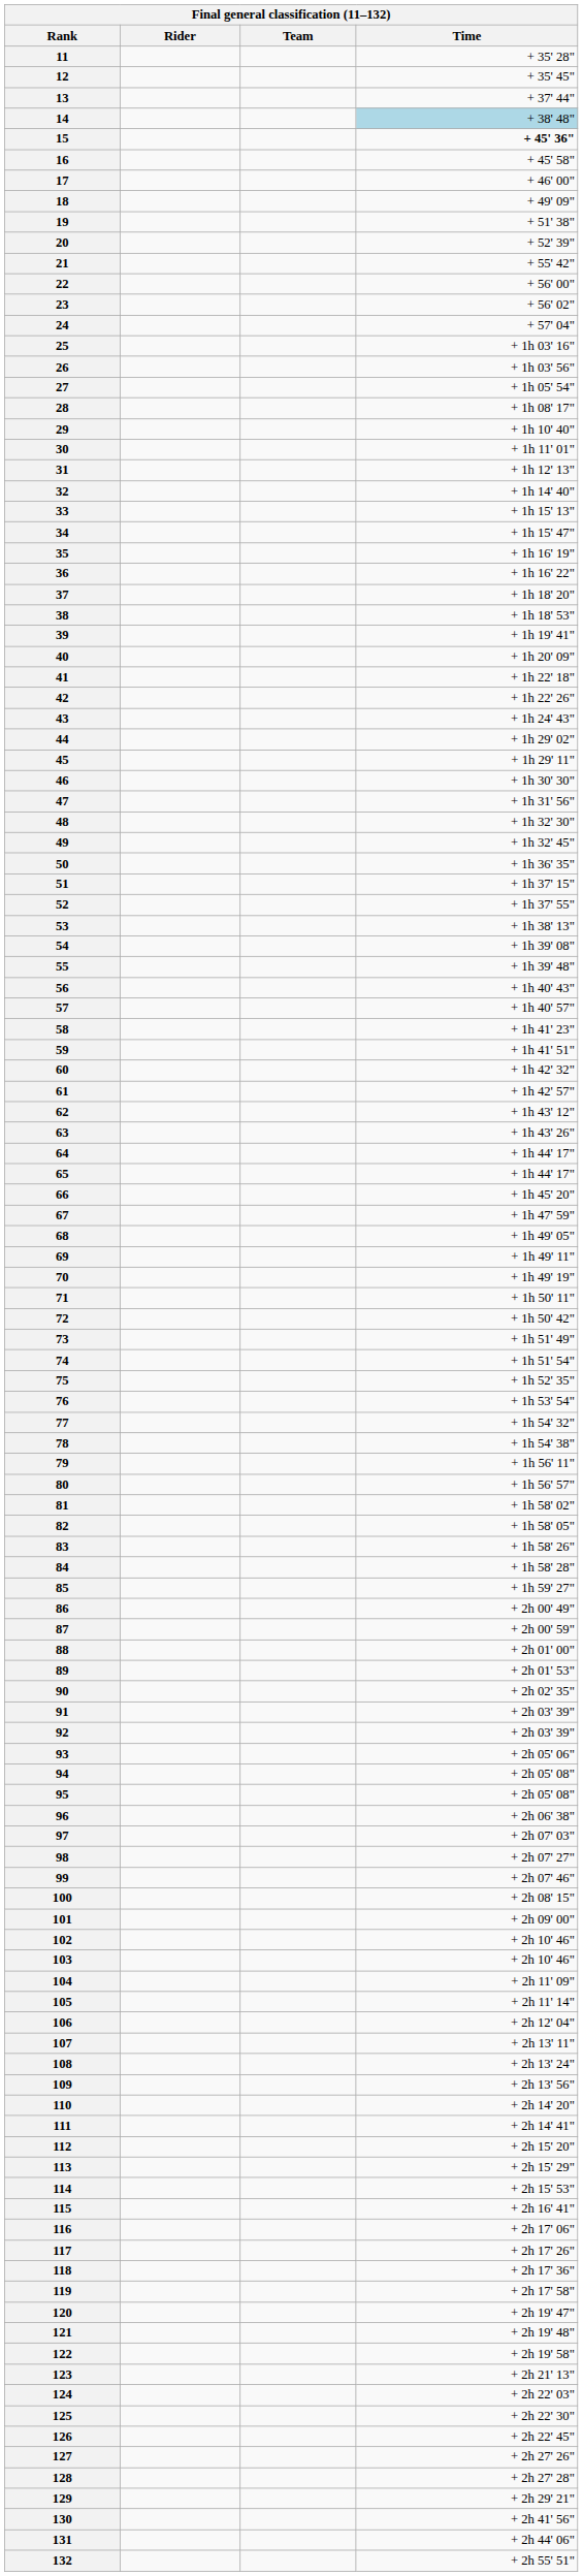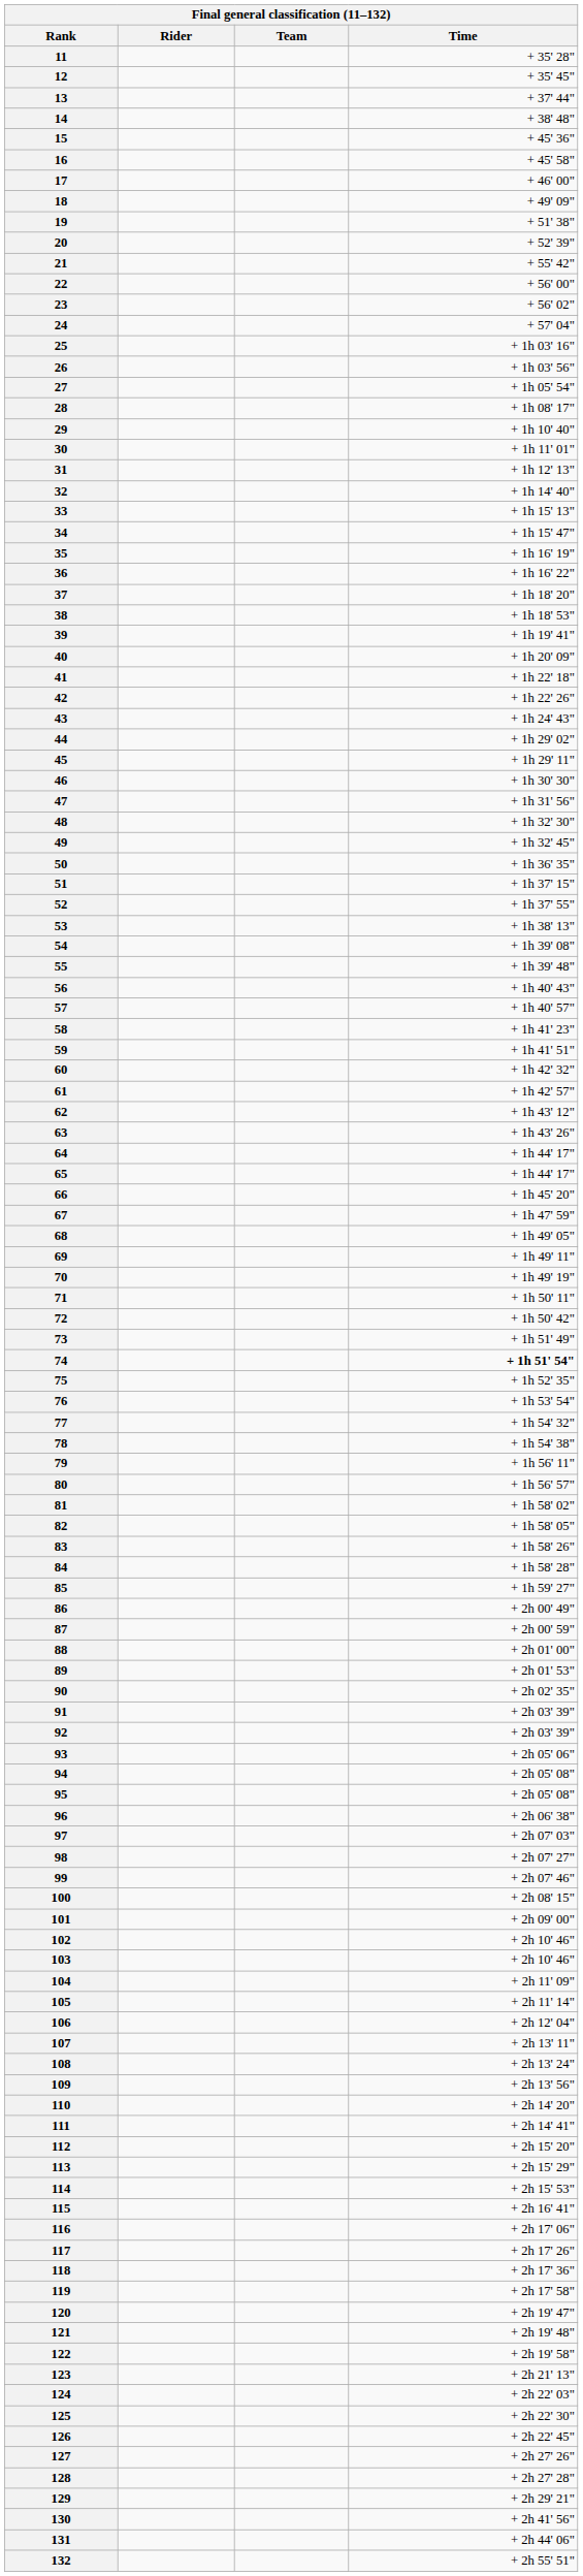 <table class="collapsible collapsed wikitable" style="width:44em;margin-top:-1px;">
 <tr>
 <th scope="col" colspan="4">Final general classification (11–132)</th>
 </tr>
 <tr>
 <th scope="col">Rank</th>
 <th scope="col">Rider</th>
 <th scope="col">Team</th>
 <th scope="col">Time</th>
 </tr>
 <tr |->
 <th scope="row">11</th>
 <td></td>
 <td></td>
 <td style="text-align:right;">+ 35' 28"</td>
 </tr>
 <tr>
 <th scope="row">12</th>
 <td></td>
 <td></td>
 <td style="text-align:right;">+ 35' 45"</td>
 </tr>
 <tr>
 <th scope="row">13</th>
 <td></td>
 <td></td>
 <td style="text-align:right;">+ 37' 44"</td>
 </tr>
 <tr>
 <th scope="row">14</th>
 <td></td>
 <td></td>
-<td style="background: lightblue; text-align:right;">+ 38' 48"</td>
+<td style="text-align:right;">+ 38' 48"</td>
 </tr>
 <tr>
 <th scope="row">15</th>
 <td></td>
 <td></td>
-<td style="text-align:right;"><strong>+ 45' 36"</strong></td>
+<td style="text-align:right;">+ 45' 36"</td>
 </tr>
 <tr>
 <th scope="row">16</th>
 <td></td>
 <td></td>
 <td style="text-align:right;">+ 45' 58"</td>
 </tr>
 <tr>
 <th scope="row">17</th>
 <td></td>
 <td></td>
 <td style="text-align:right;">+ 46' 00"</td>
 </tr>
 <tr>
 <th scope="row">18</th>
 <td></td>
 <td></td>
 <td style="text-align:right;">+ 49' 09"</td>
 </tr>
 <tr>
 <th scope="row">19</th>
 <td></td>
 <td></td>
 <td style="text-align:right;">+ 51' 38"</td>
 </tr>
 <tr>
 <th scope="row">20</th>
 <td></td>
 <td></td>
 <td style="text-align:right;">+ 52' 39"</td>
 </tr>
 <tr>
 <th scope="row">21</th>
 <td></td>
 <td></td>
 <td style="text-align:right;">+ 55' 42"</td>
 </tr>
 <tr>
 <th scope="row">22</th>
 <td></td>
 <td></td>
 <td style="text-align:right;">+ 56' 00"</td>
 </tr>
 <tr>
 <th scope="row">23</th>
 <td></td>
 <td></td>
 <td style="text-align:right;">+ 56' 02"</td>
 </tr>
 <tr>
 <th scope="row">24</th>
 <td></td>
 <td></td>
 <td style="text-align:right;">+ 57' 04"</td>
 </tr>
 <tr>
 <th scope="row">25</th>
 <td></td>
 <td></td>
 <td style="text-align:right;">+ 1h 03' 16"</td>
 </tr>
 <tr>
 <th scope="row">26</th>
 <td></td>
 <td></td>
 <td style="text-align:right;">+ 1h 03' 56"</td>
 </tr>
 <tr>
 <th scope="row">27</th>
 <td></td>
 <td></td>
 <td style="text-align:right;">+ 1h 05' 54"</td>
 </tr>
 <tr>
 <th scope="row">28</th>
 <td></td>
 <td></td>
 <td style="text-align:right;">+ 1h 08' 17"</td>
 </tr>
 <tr>
 <th scope="row">29</th>
 <td></td>
 <td></td>
 <td style="text-align:right;">+ 1h 10' 40"</td>
 </tr>
 <tr>
 <th scope="row">30</th>
 <td></td>
 <td></td>
 <td style="text-align:right;">+ 1h 11' 01"</td>
 </tr>
 <tr>
 <th scope="row">31</th>
 <td></td>
 <td></td>
 <td style="text-align:right;">+ 1h 12' 13"</td>
 </tr>
 <tr>
 <th scope="row">32</th>
 <td></td>
 <td></td>
 <td style="text-align:right;">+ 1h 14' 40"</td>
 </tr>
 <tr>
 <th scope="row">33</th>
 <td></td>
 <td></td>
 <td style="text-align:right;">+ 1h 15' 13"</td>
 </tr>
 <tr>
 <th scope="row">34</th>
 <td></td>
 <td></td>
 <td style="text-align:right;">+ 1h 15' 47"</td>
 </tr>
 <tr>
 <th scope="row">35</th>
 <td></td>
 <td></td>
 <td style="text-align:right;">+ 1h 16' 19"</td>
 </tr>
 <tr>
 <th scope="row">36</th>
 <td></td>
 <td></td>
 <td style="text-align:right;">+ 1h 16' 22"</td>
 </tr>
 <tr>
 <th scope="row">37</th>
 <td></td>
 <td></td>
 <td style="text-align:right;">+ 1h 18' 20"</td>
 </tr>
 <tr>
 <th scope="row">38</th>
 <td></td>
 <td></td>
 <td style="text-align:right;">+ 1h 18' 53"</td>
 </tr>
 <tr>
 <th scope="row">39</th>
 <td></td>
 <td></td>
 <td style="text-align:right;">+ 1h 19' 41"</td>
 </tr>
 <tr>
 <th scope="row">40</th>
 <td></td>
 <td></td>
 <td style="text-align:right;">+ 1h 20' 09"</td>
 </tr>
 <tr>
 <th scope="row">41</th>
 <td></td>
 <td></td>
 <td style="text-align:right;">+ 1h 22' 18"</td>
 </tr>
 <tr>
 <th scope="row">42</th>
 <td></td>
 <td></td>
 <td style="text-align:right;">+ 1h 22' 26"</td>
 </tr>
 <tr>
 <th scope="row">43</th>
 <td></td>
 <td></td>
 <td style="text-align:right;">+ 1h 24' 43"</td>
 </tr>
 <tr>
 <th scope="row">44</th>
 <td></td>
 <td></td>
 <td style="text-align:right;">+ 1h 29' 02"</td>
 </tr>
 <tr>
 <th scope="row">45</th>
 <td></td>
 <td></td>
 <td style="text-align:right;">+ 1h 29' 11"</td>
 </tr>
 <tr>
 <th scope="row">46</th>
 <td></td>
 <td></td>
 <td style="text-align:right;">+ 1h 30' 30"</td>
 </tr>
 <tr>
 <th scope="row">47</th>
 <td></td>
 <td></td>
 <td style="text-align:right;">+ 1h 31' 56"</td>
 </tr>
 <tr>
 <th scope="row">48</th>
 <td></td>
 <td></td>
 <td style="text-align:right;">+ 1h 32' 30"</td>
 </tr>
 <tr>
 <th scope="row">49</th>
 <td></td>
 <td></td>
 <td style="text-align:right;">+ 1h 32' 45"</td>
 </tr>
 <tr>
 <th scope="row">50</th>
 <td></td>
 <td></td>
 <td style="text-align:right;">+ 1h 36' 35"</td>
 </tr>
 <tr>
 <th scope="row">51</th>
 <td></td>
 <td></td>
 <td style="text-align:right;">+ 1h 37' 15"</td>
 </tr>
 <tr>
 <th scope="row">52</th>
 <td></td>
 <td></td>
 <td style="text-align:right;">+ 1h 37' 55"</td>
 </tr>
 <tr>
 <th scope="row">53</th>
 <td></td>
 <td></td>
 <td style="text-align:right;">+ 1h 38' 13"</td>
 </tr>
 <tr>
 <th scope="row">54</th>
 <td></td>
 <td></td>
 <td style="text-align:right;">+ 1h 39' 08"</td>
 </tr>
 <tr>
 <th scope="row">55</th>
 <td></td>
 <td></td>
 <td style="text-align:right;">+ 1h 39' 48"</td>
 </tr>
 <tr>
 <th scope="row">56</th>
 <td></td>
 <td></td>
 <td style="text-align:right;">+ 1h 40' 43"</td>
 </tr>
 <tr>
 <th scope="row">57</th>
 <td></td>
 <td></td>
 <td style="text-align:right;">+ 1h 40' 57"</td>
 </tr>
 <tr>
 <th scope="row">58</th>
 <td></td>
 <td></td>
 <td style="text-align:right;">+ 1h 41' 23"</td>
 </tr>
 <tr>
 <th scope="row">59</th>
 <td></td>
 <td></td>
 <td style="text-align:right;">+ 1h 41' 51"</td>
 </tr>
 <tr>
 <th scope="row">60</th>
 <td></td>
 <td></td>
 <td style="text-align:right;">+ 1h 42' 32"</td>
 </tr>
 <tr>
 <th scope="row">61</th>
 <td></td>
 <td></td>
 <td style="text-align:right;">+ 1h 42' 57"</td>
 </tr>
 <tr>
 <th scope="row">62</th>
 <td></td>
 <td></td>
 <td style="text-align:right;">+ 1h 43' 12"</td>
 </tr>
 <tr>
 <th scope="row">63</th>
 <td></td>
 <td></td>
 <td style="text-align:right;">+ 1h 43' 26"</td>
 </tr>
 <tr>
 <th scope="row">64</th>
 <td></td>
 <td></td>
 <td style="text-align:right;">+ 1h 44' 17"</td>
 </tr>
 <tr>
 <th scope="row">65</th>
 <td></td>
 <td></td>
 <td style="text-align:right;">+ 1h 44' 17"</td>
 </tr>
 <tr>
 <th scope="row">66</th>
 <td></td>
 <td></td>
 <td style="text-align:right;">+ 1h 45' 20"</td>
 </tr>
 <tr>
 <th scope="row">67</th>
 <td></td>
 <td></td>
 <td style="text-align:right;">+ 1h 47' 59"</td>
 </tr>
 <tr>
 <th scope="row">68</th>
 <td></td>
 <td></td>
 <td style="text-align:right;">+ 1h 49' 05"</td>
 </tr>
 <tr>
 <th scope="row">69</th>
 <td></td>
 <td></td>
 <td style="text-align:right;">+ 1h 49' 11"</td>
 </tr>
 <tr>
 <th scope="row">70</th>
 <td></td>
 <td></td>
 <td style="text-align:right;">+ 1h 49' 19"</td>
 </tr>
 <tr>
 <th scope="row">71</th>
 <td></td>
 <td></td>
 <td style="text-align:right;">+ 1h 50' 11"</td>
 </tr>
 <tr>
 <th scope="row">72</th>
 <td></td>
 <td></td>
 <td style="text-align:right;">+ 1h 50' 42"</td>
 </tr>
 <tr>
 <th scope="row">73</th>
 <td></td>
 <td></td>
 <td style="text-align:right;">+ 1h 51' 49"</td>
 </tr>
 <tr>
 <th scope="row">74</th>
 <td></td>
 <td></td>
-<td style="text-align:right;">+ 1h 51' 54"</td>
+<td style="text-align:right;"><strong>+ 1h 51' 54"</strong></td>
 </tr>
 <tr>
 <th scope="row">75</th>
 <td></td>
 <td></td>
 <td style="text-align:right;">+ 1h 52' 35"</td>
 </tr>
 <tr>
 <th scope="row">76</th>
 <td></td>
 <td></td>
 <td style="text-align:right;">+ 1h 53' 54"</td>
 </tr>
 <tr>
 <th scope="row">77</th>
 <td></td>
 <td></td>
 <td style="text-align:right;">+ 1h 54' 32"</td>
 </tr>
 <tr>
 <th scope="row">78</th>
 <td></td>
 <td></td>
 <td style="text-align:right;">+ 1h 54' 38"</td>
 </tr>
 <tr>
 <th scope="row">79</th>
 <td></td>
 <td></td>
 <td style="text-align:right;">+ 1h 56' 11"</td>
 </tr>
 <tr>
 <th scope="row">80</th>
 <td></td>
 <td></td>
 <td style="text-align:right;">+ 1h 56' 57"</td>
 </tr>
 <tr>
 <th scope="row">81</th>
 <td></td>
 <td></td>
 <td style="text-align:right;">+ 1h 58' 02"</td>
 </tr>
 <tr>
 <th scope="row">82</th>
 <td></td>
 <td></td>
 <td style="text-align:right;">+ 1h 58' 05"</td>
 </tr>
 <tr>
 <th scope="row">83</th>
 <td></td>
 <td></td>
 <td style="text-align:right;">+ 1h 58' 26"</td>
 </tr>
 <tr>
 <th scope="row">84</th>
 <td></td>
 <td></td>
 <td style="text-align:right;">+ 1h 58' 28"</td>
 </tr>
 <tr>
 <th scope="row">85</th>
 <td></td>
 <td></td>
 <td style="text-align:right;">+ 1h 59' 27"</td>
 </tr>
 <tr>
 <th scope="row">86</th>
 <td></td>
 <td></td>
 <td style="text-align:right;">+ 2h 00' 49"</td>
 </tr>
 <tr>
 <th scope="row">87</th>
 <td></td>
 <td></td>
 <td style="text-align:right;">+ 2h 00' 59"</td>
 </tr>
 <tr>
 <th scope="row">88</th>
 <td></td>
 <td></td>
 <td style="text-align:right;">+ 2h 01' 00"</td>
 </tr>
 <tr>
 <th scope="row">89</th>
 <td></td>
 <td></td>
 <td style="text-align:right;">+ 2h 01' 53"</td>
 </tr>
 <tr>
 <th scope="row">90</th>
 <td></td>
 <td></td>
 <td style="text-align:right;">+ 2h 02' 35"</td>
 </tr>
 <tr>
 <th scope="row">91</th>
 <td></td>
 <td></td>
 <td style="text-align:right;">+ 2h 03' 39"</td>
 </tr>
 <tr>
 <th scope="row">92</th>
 <td></td>
 <td></td>
 <td style="text-align:right;">+ 2h 03' 39"</td>
 </tr>
 <tr>
 <th scope="row">93</th>
 <td></td>
 <td></td>
 <td style="text-align:right;">+ 2h 05' 06"</td>
 </tr>
 <tr>
 <th scope="row">94</th>
 <td></td>
 <td></td>
 <td style="text-align:right;">+ 2h 05' 08"</td>
 </tr>
 <tr>
 <th scope="row">95</th>
 <td></td>
 <td></td>
 <td style="text-align:right;">+ 2h 05' 08"</td>
 </tr>
 <tr>
 <th scope="row">96</th>
 <td></td>
 <td></td>
 <td style="text-align:right;">+ 2h 06' 38"</td>
 </tr>
 <tr>
 <th scope="row">97</th>
 <td></td>
 <td></td>
 <td style="text-align:right;">+ 2h 07' 03"</td>
 </tr>
 <tr>
 <th scope="row">98</th>
 <td></td>
 <td></td>
 <td style="text-align:right;">+ 2h 07' 27"</td>
 </tr>
 <tr>
 <th scope="row">99</th>
 <td></td>
 <td></td>
 <td style="text-align:right;">+ 2h 07' 46"</td>
 </tr>
 <tr>
 <th scope="row">100</th>
 <td></td>
 <td></td>
 <td style="text-align:right;">+ 2h 08' 15"</td>
 </tr>
 <tr>
 <th scope="row">101</th>
 <td> </td>
 <td></td>
 <td style="text-align:right;">+ 2h 09' 00"</td>
 </tr>
 <tr>
 <th scope="row">102</th>
 <td></td>
 <td></td>
 <td style="text-align:right;">+ 2h 10' 46"</td>
 </tr>
 <tr>
 <th scope="row">103</th>
 <td></td>
 <td></td>
 <td style="text-align:right;">+ 2h 10' 46"</td>
 </tr>
 <tr>
 <th scope="row">104</th>
 <td></td>
 <td></td>
 <td style="text-align:right;">+ 2h 11' 09"</td>
 </tr>
 <tr>
 <th scope="row">105</th>
 <td></td>
 <td></td>
 <td style="text-align:right;">+ 2h 11' 14"</td>
 </tr>
 <tr>
 <th scope="row">106</th>
 <td></td>
 <td></td>
 <td style="text-align:right;">+ 2h 12' 04"</td>
 </tr>
 <tr>
 <th scope="row">107</th>
 <td></td>
 <td></td>
 <td style="text-align:right;">+ 2h 13' 11"</td>
 </tr>
 <tr>
 <th scope="row">108</th>
 <td></td>
 <td></td>
 <td style="text-align:right;">+ 2h 13' 24"</td>
 </tr>
 <tr>
 <th scope="row">109</th>
 <td></td>
 <td></td>
 <td style="text-align:right;">+ 2h 13' 56"</td>
 </tr>
 <tr>
 <th scope="row">110</th>
 <td></td>
 <td></td>
 <td style="text-align:right;">+ 2h 14' 20"</td>
 </tr>
 <tr>
 <th scope="row">111</th>
 <td></td>
 <td></td>
 <td style="text-align:right;">+ 2h 14' 41"</td>
 </tr>
 <tr>
 <th scope="row">112</th>
 <td></td>
 <td></td>
 <td style="text-align:right;">+ 2h 15' 20"</td>
 </tr>
 <tr>
 <th scope="row">113</th>
 <td></td>
 <td></td>
 <td style="text-align:right;">+ 2h 15' 29"</td>
 </tr>
 <tr>
 <th scope="row">114</th>
 <td></td>
 <td></td>
 <td style="text-align:right;">+ 2h 15' 53"</td>
 </tr>
 <tr>
 <th scope="row">115</th>
 <td></td>
 <td></td>
 <td style="text-align:right;">+ 2h 16' 41"</td>
 </tr>
 <tr>
 <th scope="row">116</th>
 <td></td>
 <td></td>
 <td style="text-align:right;">+ 2h 17' 06"</td>
 </tr>
 <tr>
 <th scope="row">117</th>
 <td></td>
 <td></td>
 <td style="text-align:right;">+ 2h 17' 26"</td>
 </tr>
 <tr>
 <th scope="row">118</th>
 <td></td>
 <td></td>
 <td style="text-align:right;">+ 2h 17' 36"</td>
 </tr>
 <tr>
 <th scope="row">119</th>
 <td></td>
 <td></td>
 <td style="text-align:right;">+ 2h 17' 58"</td>
 </tr>
 <tr>
 <th scope="row">120</th>
 <td></td>
 <td></td>
 <td style="text-align:right;">+ 2h 19' 47"</td>
 </tr>
 <tr>
 <th scope="row">121</th>
 <td></td>
 <td></td>
 <td style="text-align:right;">+ 2h 19' 48"</td>
 </tr>
 <tr>
 <th scope="row">122</th>
 <td></td>
 <td></td>
 <td style="text-align:right;">+ 2h 19' 58"</td>
 </tr>
 <tr>
 <th scope="row">123</th>
 <td></td>
 <td></td>
 <td style="text-align:right;">+ 2h 21' 13"</td>
 </tr>
 <tr>
 <th scope="row">124</th>
 <td></td>
 <td></td>
 <td style="text-align:right;">+ 2h 22' 03"</td>
 </tr>
 <tr>
 <th scope="row">125</th>
 <td> </td>
 <td></td>
 <td style="text-align:right;">+ 2h 22' 30"</td>
 </tr>
 <tr>
 <th scope="row">126</th>
 <td></td>
 <td></td>
 <td style="text-align:right;">+ 2h 22' 45"</td>
 </tr>
 <tr>
 <th scope="row">127</th>
 <td></td>
 <td></td>
 <td style="text-align:right;">+ 2h 27' 26"</td>
 </tr>
 <tr>
 <th scope="row">128</th>
 <td></td>
 <td></td>
 <td style="text-align:right;">+ 2h 27' 28"</td>
 </tr>
 <tr>
 <th scope="row">129</th>
 <td></td>
 <td></td>
 <td style="text-align:right;">+ 2h 29' 21"</td>
 </tr>
 <tr>
 <th scope="row">130</th>
 <td></td>
 <td></td>
 <td style="text-align:right;">+ 2h 41' 56"</td>
 </tr>
 <tr>
 <th scope="row">131</th>
 <td></td>
 <td></td>
 <td style="text-align:right;">+ 2h 44' 06"</td>
 </tr>
 <tr>
 <th scope="row">132</th>
 <td></td>
 <td></td>
 <td style="text-align:right;">+ 2h 55' 51"</td>
 </tr>
 </table>
